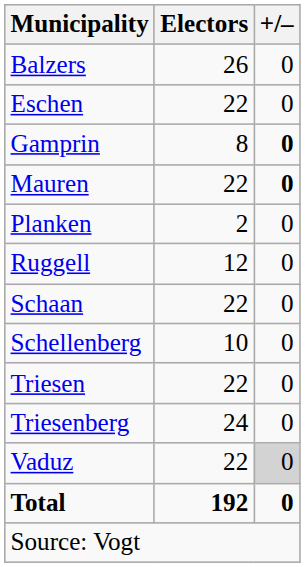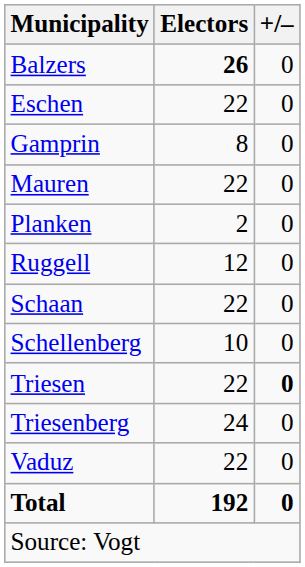 <table class="wikitable">
 <tr>
 <th>Municipality</th>
 <th>Electors</th>
 <th>+/–</th>
 </tr>
 <tr>
 <td><a href='#'>Balzers</a></td>
-<td style="text-align: right;">26</td>
+<td style="text-align: right;"><strong>26</strong></td>
 <td align="right">0</td>
 </tr>
 <tr>
 <td><a href='#'>Eschen</a></td>
 <td style="text-align: right;">22</td>
 <td align="right">0</td>
 </tr>
 <tr>
 <td><a href='#'>Gamprin</a></td>
 <td style="text-align: right;">8</td>
-<td align="right"><strong>0</strong></td>
+<td align="right">0</td>
 </tr>
 <tr>
 <td><a href='#'>Mauren</a></td>
 <td style="text-align: right;">22</td>
-<td align="right"><strong>0</strong></td>
+<td align="right">0</td>
 </tr>
 <tr>
 <td><a href='#'>Planken</a></td>
 <td style="text-align: right;">2</td>
 <td align="right">0</td>
 </tr>
 <tr>
 <td><a href='#'>Ruggell</a></td>
 <td style="text-align: right;">12</td>
 <td align="right">0</td>
 </tr>
 <tr>
 <td><a href='#'>Schaan</a></td>
 <td style="text-align: right;">22</td>
 <td align="right">0</td>
 </tr>
 <tr>
 <td><a href='#'>Schellenberg</a></td>
 <td style="text-align: right;">10</td>
 <td align="right">0</td>
 </tr>
 <tr>
 <td><a href='#'>Triesen</a></td>
 <td style="text-align: right;">22</td>
-<td align="right">0</td>
+<td align="right"><strong>0</strong></td>
 </tr>
 <tr>
 <td><a href='#'>Triesenberg</a></td>
 <td style="text-align: right;">24</td>
 <td align="right">0</td>
 </tr>
 <tr>
 <td><a href='#'>Vaduz</a></td>
 <td style="text-align: right;">22</td>
-<td align="right" style="background: lightgrey;">0</td>
+<td align="right">0</td>
 </tr>
 <tr>
 <td><strong>Total</strong></td>
 <td align="right"><strong>192</strong></td>
 <td align="right"><strong>0</strong></td>
 </tr>
 <tr>
 <td colspan="3">Source: Vogt</td>
 </tr>
 </table>
